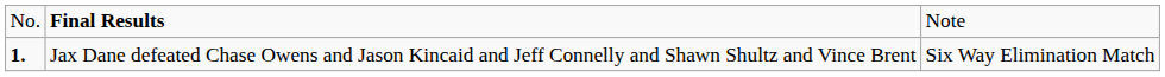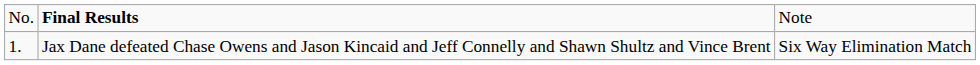 <table class="wikitable">
 <tr>
 <td>No.</td>
 <td><strong>Final Results</strong></td>
 <td>Note</td>
 </tr>
 <tr>
-<td><strong>1.</strong></td>
+<td>1.</td>
 <td>Jax Dane defeated Chase Owens and Jason Kincaid and Jeff Connelly and Shawn Shultz and Vince Brent</td>
 <td>Six Way Elimination Match</td>
 </tr>
 </table>
